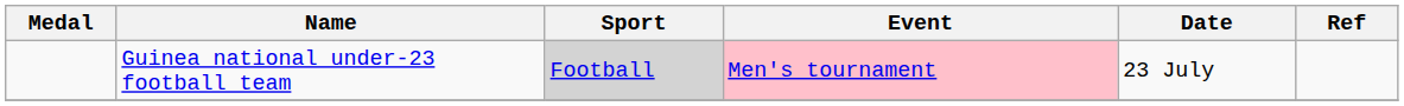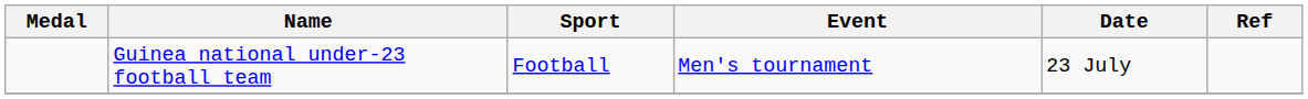 <table class="wikitable sortable" style="font-size:100%">
 <tr>
 <th width="60">Medal</th>
 <th width="250">Name</th>
 <th width="100">Sport</th>
 <th width="230">Event</th>
 <th width="100">Date</th>
 <th width="55">Ref</th>
 </tr>
 <tr>
 <td></td>
 <td><a href='#'>Guinea national under-23 football team</a></td>
-<td style="background: lightgrey;"><a href='#'>Football</a></td>
-<td style="background: pink;"><a href='#'>Men's tournament</a></td>
+<td><a href='#'>Football</a></td>
+<td><a href='#'>Men's tournament</a></td>
 <td>23 July</td>
 <td></td>
 </tr>
 <tr>
 </tr>
 </table>
